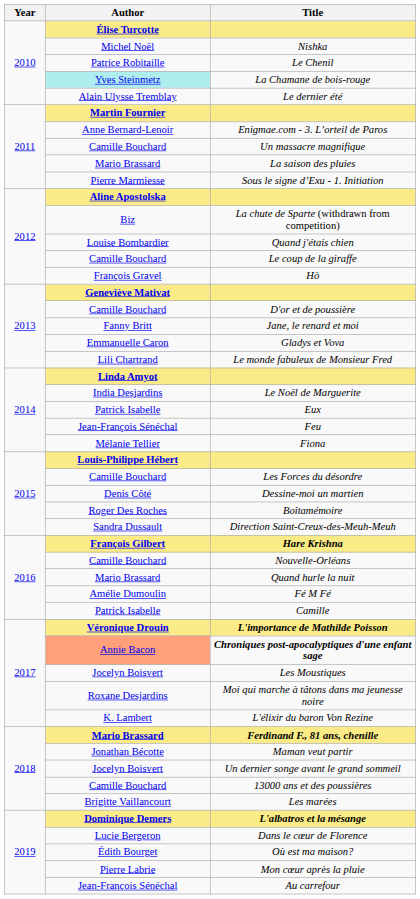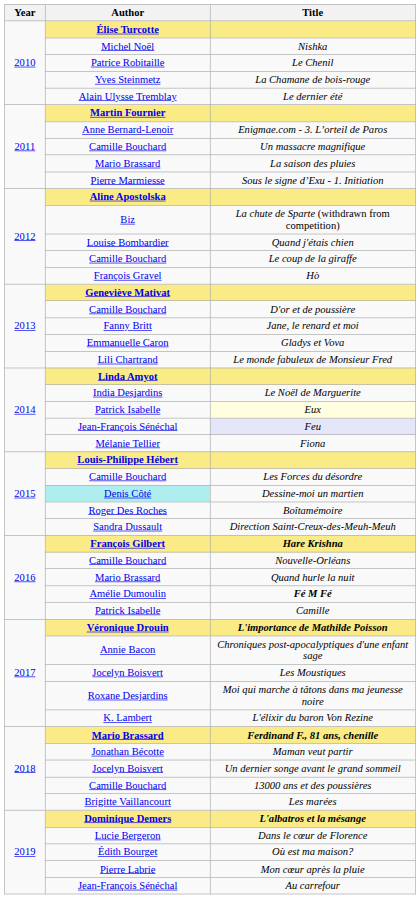 <table class="wikitable" width="100%">
 <tr>
 <th>Year</th>
 <th width="40%">Author</th>
 <th width="50%">Title</th>
 </tr>
 <tr>
 <td align="center" rowspan="5"><a href='#'>2010</a></td>
 <td align="center" style="background:#FAEB86"><strong><a href='#'>Élise Turcotte</a></strong></td>
 <td align="center" style="background:#FAEB86"><strong><em></em></strong></td>
 </tr>
 <tr>
 <td align="center"><a href='#'>Michel Noël</a></td>
 <td align="center"><em>Nishka</em></td>
 </tr>
 <tr>
 <td align="center"><a href='#'>Patrice Robitaille</a></td>
 <td align="center"><em>Le Chenil</em></td>
 </tr>
 <tr>
-<td align="center" style="background: paleturquoise;"><a href='#'>Yves Steinmetz</a></td>
+<td align="center"><a href='#'>Yves Steinmetz</a></td>
 <td align="center"><em>La Chamane de bois-rouge</em></td>
 </tr>
 <tr>
 <td align="center"><a href='#'>Alain Ulysse Tremblay</a></td>
 <td align="center"><em>Le dernier été</em></td>
 </tr>
 <tr>
 <td align="center" rowspan="5"><a href='#'>2011</a></td>
 <td align="center" style="background:#FAEB86"><strong><a href='#'>Martin Fournier</a></strong></td>
 <td align="center" style="background:#FAEB86"><strong><em></em></strong></td>
 </tr>
 <tr>
 <td align="center"><a href='#'>Anne Bernard-Lenoir</a></td>
 <td align="center"><em>Enigmae.com - 3. L’orteil de Paros</em></td>
 </tr>
 <tr>
 <td align="center"><a href='#'>Camille Bouchard</a></td>
 <td align="center"><em>Un massacre magnifique</em></td>
 </tr>
 <tr>
 <td align="center"><a href='#'>Mario Brassard</a></td>
 <td align="center"><em>La saison des pluies</em></td>
 </tr>
 <tr>
 <td align="center"><a href='#'>Pierre Marmiesse</a></td>
 <td align="center"><em>Sous le signe d’Exu - 1. Initiation</em></td>
 </tr>
 <tr>
 <td align="center" rowspan="5"><a href='#'>2012</a></td>
 <td align="center" style="background:#FAEB86"><strong><a href='#'>Aline Apostolska</a></strong></td>
 <td align="center" style="background:#FAEB86"><strong><em></em></strong></td>
 </tr>
 <tr>
 <td align="center"><a href='#'>Biz</a></td>
 <td align="center"><em>La chute de Sparte</em> (withdrawn from competition)</td>
 </tr>
 <tr>
 <td align="center"><a href='#'>Louise Bombardier</a></td>
 <td align="center"><em>Quand j'étais chien</em></td>
 </tr>
 <tr>
 <td align="center"><a href='#'>Camille Bouchard</a></td>
 <td align="center"><em>Le coup de la giraffe</em></td>
 </tr>
 <tr>
 <td align="center"><a href='#'>François Gravel</a></td>
 <td align="center"><em>Hò</em></td>
 </tr>
 <tr>
 <td align="center" rowspan="5"><a href='#'>2013</a></td>
 <td align="center" style="background:#FAEB86"><strong><a href='#'>Geneviève Mativat</a></strong></td>
 <td align="center" style="background:#FAEB86"><strong><em></em></strong></td>
 </tr>
 <tr>
 <td align="center"><a href='#'>Camille Bouchard</a></td>
 <td align="center"><em>D'or et de poussière</em></td>
 </tr>
 <tr>
 <td align="center"><a href='#'>Fanny Britt</a></td>
 <td align="center"><em>Jane, le renard et moi</em></td>
 </tr>
 <tr>
 <td align="center"><a href='#'>Emmanuelle Caron</a></td>
 <td align="center"><em>Gladys et Vova</em></td>
 </tr>
 <tr>
 <td align="center"><a href='#'>Lili Chartrand</a></td>
 <td align="center"><em>Le monde fabuleux de Monsieur Fred</em></td>
 </tr>
 <tr>
 <td align="center" rowspan="5"><a href='#'>2014</a></td>
 <td align="center" style="background:#FAEB86"><strong><a href='#'>Linda Amyot</a></strong></td>
 <td align="center" style="background:#FAEB86"><strong><em></em></strong></td>
 </tr>
 <tr>
 <td align="center"><a href='#'>India Desjardins</a></td>
 <td align="center"><em>Le Noël de Marguerite</em></td>
 </tr>
 <tr>
 <td align="center"><a href='#'>Patrick Isabelle</a></td>
-<td align="center"><em>Eux</em></td>
+<td align="center" style="background: lightyellow;"><em>Eux</em></td>
 </tr>
 <tr>
 <td align="center"><a href='#'>Jean-François Sénéchal</a></td>
-<td align="center"><em>Feu</em></td>
+<td align="center" style="background: lavender;"><em>Feu</em></td>
 </tr>
 <tr>
 <td align="center"><a href='#'>Mélanie Tellier</a></td>
 <td align="center"><em>Fiona</em></td>
 </tr>
 <tr>
 <td align="center" rowspan="5"><a href='#'>2015</a></td>
 <td align="center" style="background:#FAEB86"><strong><a href='#'>Louis-Philippe Hébert</a></strong></td>
 <td align="center" style="background:#FAEB86"><strong><em></em></strong></td>
 </tr>
 <tr>
 <td align="center"><a href='#'>Camille Bouchard</a></td>
 <td align="center"><em>Les Forces du désordre</em></td>
 </tr>
 <tr>
-<td align="center"><a href='#'>Denis Côté</a></td>
+<td align="center" style="background: paleturquoise;"><a href='#'>Denis Côté</a></td>
 <td align="center"><em>Dessine-moi un martien</em></td>
 </tr>
 <tr>
 <td align="center"><a href='#'>Roger Des Roches</a></td>
 <td align="center"><em>Boîtamémoire</em></td>
 </tr>
 <tr>
 <td align="center"><a href='#'>Sandra Dussault</a></td>
 <td align="center"><em>Direction Saint-Creux-des-Meuh-Meuh</em></td>
 </tr>
 <tr>
 <td align="center" rowspan="5"><a href='#'>2016</a></td>
 <td align="center" style="background:#FAEB86"><strong><a href='#'>François Gilbert</a></strong></td>
 <td align="center" style="background:#FAEB86"><strong><em>Hare Krishna</em></strong></td>
 </tr>
 <tr>
 <td align="center"><a href='#'>Camille Bouchard</a></td>
 <td align="center"><em>Nouvelle-Orléans</em></td>
 </tr>
 <tr>
 <td align="center"><a href='#'>Mario Brassard</a></td>
 <td align="center"><em>Quand hurle la nuit</em></td>
 </tr>
 <tr>
 <td align="center"><a href='#'>Amélie Dumoulin</a></td>
-<td align="center"><em>Fé M Fé</em></td>
+<td align="center"><strong><em>Fé M Fé</em></strong></td>
 </tr>
 <tr>
 <td align="center"><a href='#'>Patrick Isabelle</a></td>
 <td align="center"><em>Camille</em></td>
 </tr>
 <tr>
 <td align="center" rowspan="5"><a href='#'>2017</a></td>
 <td align="center" style="background:#FAEB86"><strong><a href='#'>Véronique Drouin</a></strong></td>
 <td align="center" style="background:#FAEB86"><strong><em>L'importance de Mathilde Poisson</em></strong></td>
 </tr>
 <tr>
-<td align="center" style="background: lightsalmon;"><a href='#'>Annie Bacon</a></td>
-<td align="center"><strong><em>Chroniques post-apocalyptiques d'une enfant sage</em></strong></td>
+<td align="center"><a href='#'>Annie Bacon</a></td>
+<td align="center"><em>Chroniques post-apocalyptiques d'une enfant sage</em></td>
 </tr>
 <tr>
 <td align="center"><a href='#'>Jocelyn Boisvert</a></td>
 <td align="center"><em>Les Moustiques</em></td>
 </tr>
 <tr>
 <td align="center"><a href='#'>Roxane Desjardins</a></td>
 <td align="center"><em>Moi qui marche à tâtons dans ma jeunesse noire</em></td>
 </tr>
 <tr>
 <td align="center"><a href='#'>K. Lambert</a></td>
 <td align="center"><em>L'élixir du baron Von Rezine</em></td>
 </tr>
 <tr>
 <td align="center" rowspan="5"><a href='#'>2018</a></td>
 <td align="center"  style="background:#FAEB86"><strong><a href='#'>Mario Brassard</a></strong></td>
 <td align="center"  style="background:#FAEB86"><strong><em>Ferdinand F., 81 ans, chenille</em></strong></td>
 </tr>
 <tr>
 <td align="center"><a href='#'>Jonathan Bécotte</a></td>
 <td align="center"><em>Maman veut partir</em></td>
 </tr>
 <tr>
 <td align="center"><a href='#'>Jocelyn Boisvert</a></td>
 <td align="center"><em>Un dernier songe avant le grand sommeil</em></td>
 </tr>
 <tr>
 <td align="center"><a href='#'>Camille Bouchard</a></td>
 <td align="center"><em>13000 ans et des poussières</em></td>
 </tr>
 <tr>
 <td align="center"><a href='#'>Brigitte Vaillancourt</a></td>
 <td align="center"><em>Les marées</em></td>
 </tr>
 <tr>
 <td align="center" rowspan="5"><a href='#'>2019</a></td>
 <td align="center"  style="background:#FAEB86"><strong><a href='#'>Dominique Demers</a></strong></td>
 <td align="center"  style="background:#FAEB86"><strong><em>L'albatros et la mésange</em></strong></td>
 </tr>
 <tr>
 <td align="center"><a href='#'>Lucie Bergeron</a></td>
 <td align="center"><em>Dans le cœur de Florence</em></td>
 </tr>
 <tr>
 <td align="center"><a href='#'>Édith Bourget</a></td>
 <td align="center"><em>Où est ma maison?</em></td>
 </tr>
 <tr>
 <td align="center"><a href='#'>Pierre Labrie</a></td>
 <td align="center"><em>Mon cœur après la pluie</em></td>
 </tr>
 <tr>
 <td align="center"><a href='#'>Jean-François Sénéchal</a></td>
 <td align="center"><em>Au carrefour</em></td>
 </tr>
 </table>
